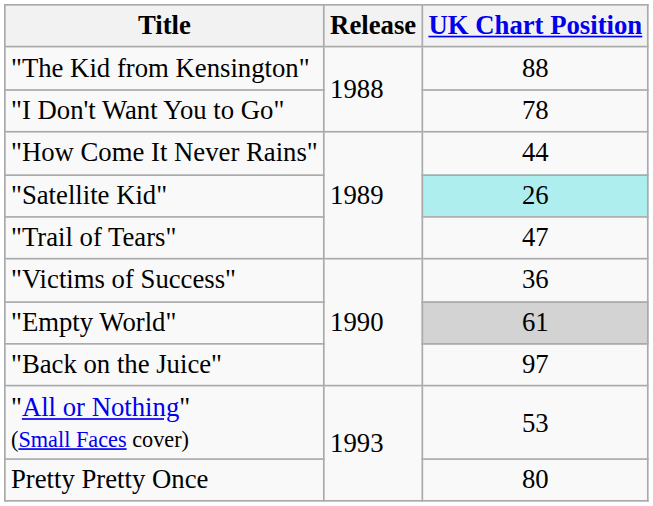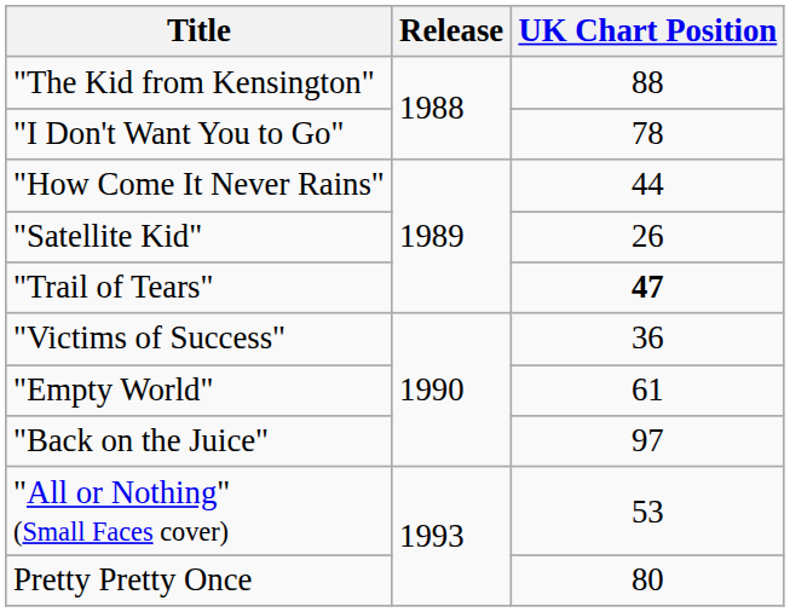 <table class="wikitable">
 <tr>
 <th>Title</th>
 <th>Release</th>
 <th><a href='#'>UK Chart Position</a></th>
 </tr>
 <tr>
 <td>"The Kid from Kensington"</td>
 <td rowspan="2">1988</td>
 <td style="text-align:center;">88</td>
 </tr>
 <tr>
 <td>"I Don't Want You to Go"</td>
 <td style="text-align:center;">78</td>
 </tr>
 <tr>
 <td>"How Come It Never Rains"</td>
 <td rowspan="3">1989</td>
 <td style="text-align:center;">44</td>
 </tr>
 <tr>
 <td>"Satellite Kid"</td>
-<td style="background: paleturquoise; text-align:center;">26</td>
+<td style="text-align:center;">26</td>
 </tr>
 <tr>
 <td>"Trail of Tears"</td>
-<td style="text-align:center;">47</td>
+<td style="text-align:center;"><strong>47</strong></td>
 </tr>
 <tr>
 <td>"Victims of Success"</td>
 <td rowspan="3">1990</td>
 <td style="text-align:center;">36</td>
 </tr>
 <tr>
 <td>"Empty World"</td>
-<td style="background: lightgrey; text-align:center;">61</td>
+<td style="text-align:center;">61</td>
 </tr>
 <tr>
 <td>"Back on the Juice"</td>
 <td style="text-align:center;">97</td>
 </tr>
 <tr>
 <td>"<a href='#'>All or Nothing</a>"<br><small>(<a href='#'>Small Faces</a> cover)</small></td>
 <td rowspan="2">1993</td>
 <td style="text-align:center;">53</td>
 </tr>
 <tr>
 <td>Pretty Pretty Once</td>
 <td style="text-align:center;">80</td>
 </tr>
 </table>
